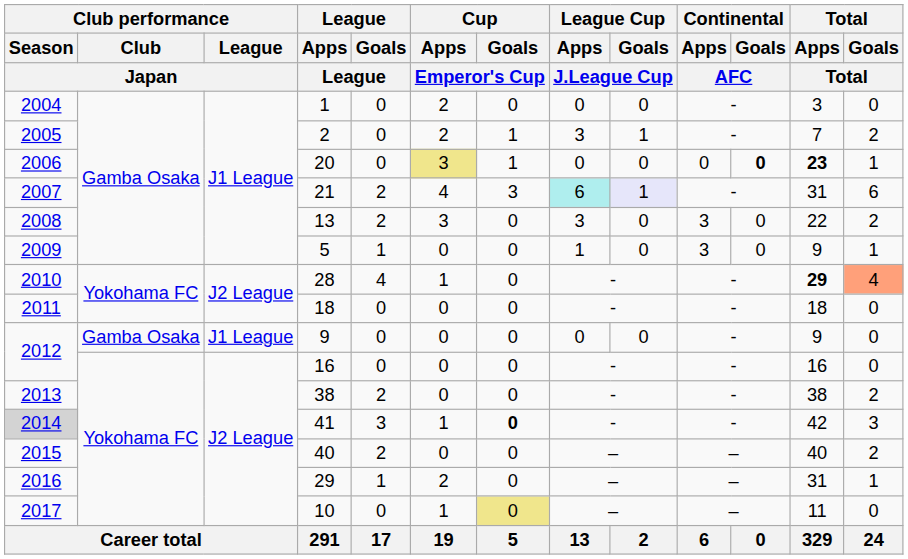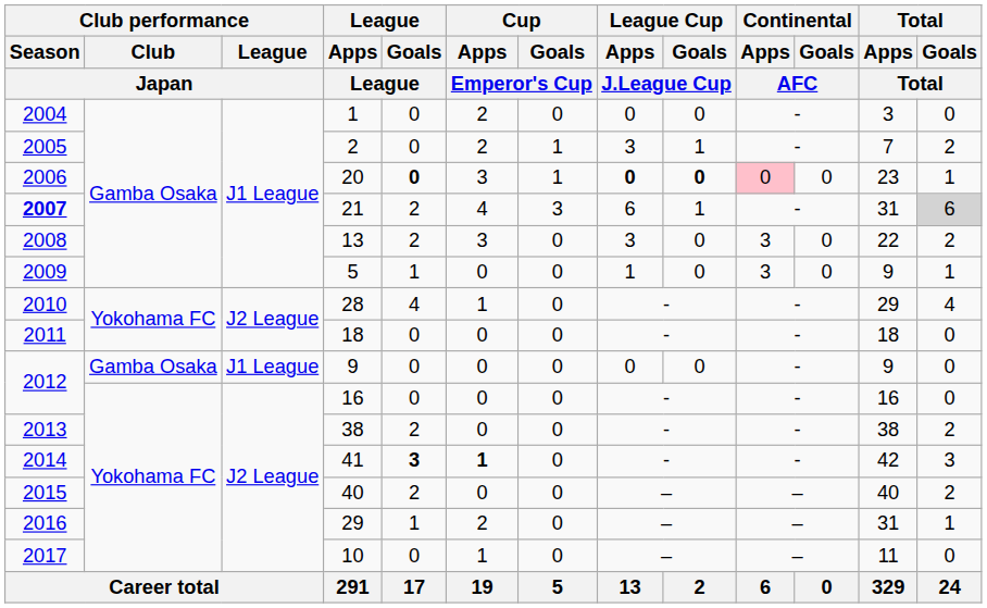 <table class="wikitable" style="text-align:center">
 <tr>
 <th colspan=3>Club performance</th>
 <th colspan=2>League</th>
 <th colspan=2>Cup</th>
 <th colspan=2>League Cup</th>
 <th colspan=2>Continental</th>
 <th colspan=2>Total</th>
 </tr>
 <tr>
 <th>Season</th>
 <th>Club</th>
 <th>League</th>
 <th>Apps</th>
 <th>Goals</th>
 <th>Apps</th>
 <th>Goals</th>
 <th>Apps</th>
 <th>Goals</th>
 <th>Apps</th>
 <th>Goals</th>
 <th>Apps</th>
 <th>Goals</th>
 </tr>
 <tr>
 <th colspan=3>Japan</th>
 <th colspan=2>League</th>
 <th colspan=2><a href='#'>Emperor's Cup</a></th>
 <th colspan=2><a href='#'>J.League Cup</a></th>
 <th colspan=2><a href='#'>AFC</a></th>
 <th colspan=2>Total</th>
 </tr>
 <tr>
 <td><a href='#'>2004</a></td>
 <td rowspan="6"><a href='#'>Gamba Osaka</a></td>
 <td rowspan="6"><a href='#'>J1 League</a></td>
 <td>1</td>
 <td>0</td>
 <td>2</td>
 <td>0</td>
 <td>0</td>
 <td>0</td>
 <td colspan="2">-</td>
 <td>3</td>
 <td>0</td>
 </tr>
 <tr>
 <td><a href='#'>2005</a></td>
 <td>2</td>
 <td>0</td>
 <td>2</td>
 <td>1</td>
 <td>3</td>
 <td>1</td>
 <td colspan="2">-</td>
 <td>7</td>
 <td>2</td>
 </tr>
 <tr>
 <td><a href='#'>2006</a></td>
 <td>20</td>
+<td><strong>0</strong></td>
+<td>3</td>
+<td>1</td>
+<td><strong>0</strong></td>
+<td><strong>0</strong></td>
+<td style="background: pink;">0</td>
 <td>0</td>
-<td style="background: khaki;">3</td>
-<td>1</td>
-<td>0</td>
-<td>0</td>
-<td>0</td>
-<td><strong>0</strong></td>
-<td><strong>23</strong></td>
+<td>23</td>
 <td>1</td>
 </tr>
 <tr>
-<td><a href='#'>2007</a></td>
+<td><strong><a href='#'>2007</a></strong></td>
 <td>21</td>
 <td>2</td>
 <td>4</td>
 <td>3</td>
-<td style="background: paleturquoise;">6</td>
-<td style="background: lavender;">1</td>
+<td>6</td>
+<td>1</td>
 <td colspan="2">-</td>
 <td>31</td>
-<td>6</td>
+<td style="background: lightgrey;">6</td>
 </tr>
 <tr>
 <td><a href='#'>2008</a></td>
 <td>13</td>
 <td>2</td>
 <td>3</td>
 <td>0</td>
 <td>3</td>
 <td>0</td>
 <td>3</td>
 <td>0</td>
 <td>22</td>
 <td>2</td>
 </tr>
 <tr>
 <td><a href='#'>2009</a></td>
 <td>5</td>
 <td>1</td>
 <td>0</td>
 <td>0</td>
 <td>1</td>
 <td>0</td>
 <td>3</td>
 <td>0</td>
 <td>9</td>
 <td>1</td>
 </tr>
 <tr>
 <td><a href='#'>2010</a></td>
 <td rowspan="2"><a href='#'>Yokohama FC</a></td>
 <td rowspan="2"><a href='#'>J2 League</a></td>
 <td>28</td>
 <td>4</td>
 <td>1</td>
 <td>0</td>
 <td colspan="2">-</td>
 <td colspan="2">-</td>
-<td><strong>29</strong></td>
-<td style="background: lightsalmon;">4</td>
+<td>29</td>
+<td>4</td>
 </tr>
 <tr>
 <td><a href='#'>2011</a></td>
 <td>18</td>
 <td>0</td>
 <td>0</td>
 <td>0</td>
 <td colspan="2">-</td>
 <td colspan="2">-</td>
 <td>18</td>
 <td>0</td>
 </tr>
 <tr>
 <td rowspan="2"><a href='#'>2012</a></td>
 <td><a href='#'>Gamba Osaka</a></td>
 <td><a href='#'>J1 League</a></td>
 <td>9</td>
 <td>0</td>
 <td>0</td>
 <td>0</td>
 <td>0</td>
 <td>0</td>
 <td colspan="2">-</td>
 <td>9</td>
 <td>0</td>
 </tr>
 <tr>
 <td rowspan="6"><a href='#'>Yokohama FC</a></td>
 <td rowspan="6"><a href='#'>J2 League</a></td>
 <td>16</td>
 <td>0</td>
 <td>0</td>
 <td>0</td>
 <td colspan="2">-</td>
 <td colspan="2">-</td>
 <td>16</td>
 <td>0</td>
 </tr>
 <tr>
 <td><a href='#'>2013</a></td>
 <td>38</td>
 <td>2</td>
 <td>0</td>
 <td>0</td>
 <td colspan="2">-</td>
 <td colspan="2">-</td>
 <td>38</td>
 <td>2</td>
 </tr>
 <tr>
-<td style="background: lightgrey;"><a href='#'>2014</a></td>
+<td><a href='#'>2014</a></td>
 <td>41</td>
-<td>3</td>
-<td>1</td>
-<td><strong>0</strong></td>
+<td><strong>3</strong></td>
+<td><strong>1</strong></td>
+<td>0</td>
 <td colspan="2">-</td>
 <td colspan="2">-</td>
 <td>42</td>
 <td>3</td>
 </tr>
 <tr>
 <td><a href='#'>2015</a></td>
 <td>40</td>
 <td>2</td>
 <td>0</td>
 <td>0</td>
 <td colspan="2">–</td>
 <td colspan="2">–</td>
 <td>40</td>
 <td>2</td>
 </tr>
 <tr>
 <td><a href='#'>2016</a></td>
 <td>29</td>
 <td>1</td>
 <td>2</td>
 <td>0</td>
 <td colspan="2">–</td>
 <td colspan="2">–</td>
 <td>31</td>
 <td>1</td>
 </tr>
 <tr>
 <td><a href='#'>2017</a></td>
 <td>10</td>
 <td>0</td>
 <td>1</td>
-<td style="background: khaki;">0</td>
+<td>0</td>
 <td colspan="2">–</td>
 <td colspan="2">–</td>
 <td>11</td>
 <td>0</td>
 </tr>
 <tr>
 <th colspan=3>Career total</th>
 <th>291</th>
 <th>17</th>
 <th>19</th>
 <th>5</th>
 <th>13</th>
 <th>2</th>
 <th>6</th>
 <th>0</th>
 <th>329</th>
 <th>24</th>
 </tr>
 </table>
